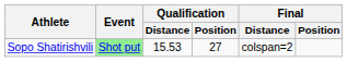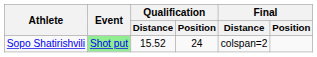 <table class="wikitable" style="font-size:90%">
 <tr>
 <th rowspan="2">Athlete</th>
 <th rowspan="2">Event</th>
 <th colspan="2">Qualification</th>
 <th colspan="2">Final</th>
 </tr>
 <tr style="font-size:95%">
 <th>Distance</th>
 <th>Position</th>
 <th>Distance</th>
 <th>Position</th>
 </tr>
 <tr align="center">
 <td align="left"><a href='#'>Sopo Shatirishvili</a></td>
 <td align="left" style="background: lightgreen;"><a href='#'>Shot put</a></td>
-<td>15.53</td>
-<td>27</td>
+<td>15.52</td>
+<td>24</td>
 <td>colspan=2 </td>
 </tr>
 </table>
